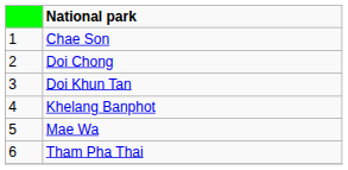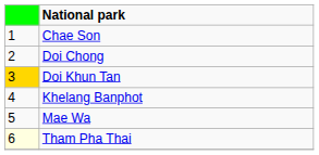 <table class= "wikitable" style= "width:30%; display:inline-table;">
 <tr>
 <td style="width:3%; background:#00FF00;"> </td>
 <td style="width:27%;"><strong>National park</strong></td>
 </tr>
 <tr>
 <td>1</td>
 <td><a href='#'>Chae Son</a></td>
 </tr>
 <tr>
 <td>2</td>
 <td><a href='#'>Doi Chong</a></td>
 </tr>
 <tr>
-<td>3</td>
+<td style="background: gold;">3</td>
 <td><a href='#'>Doi Khun Tan</a></td>
 </tr>
 <tr>
 <td>4</td>
 <td><a href='#'>Khelang Banphot</a></td>
 </tr>
 <tr>
 <td>5</td>
 <td><a href='#'>Mae Wa</a></td>
 </tr>
 <tr>
-<td>6</td>
+<td style="background: lightyellow;">6</td>
 <td><a href='#'>Tham Pha Thai</a></td>
 </tr>
 <tr>
 </tr>
 </table>
